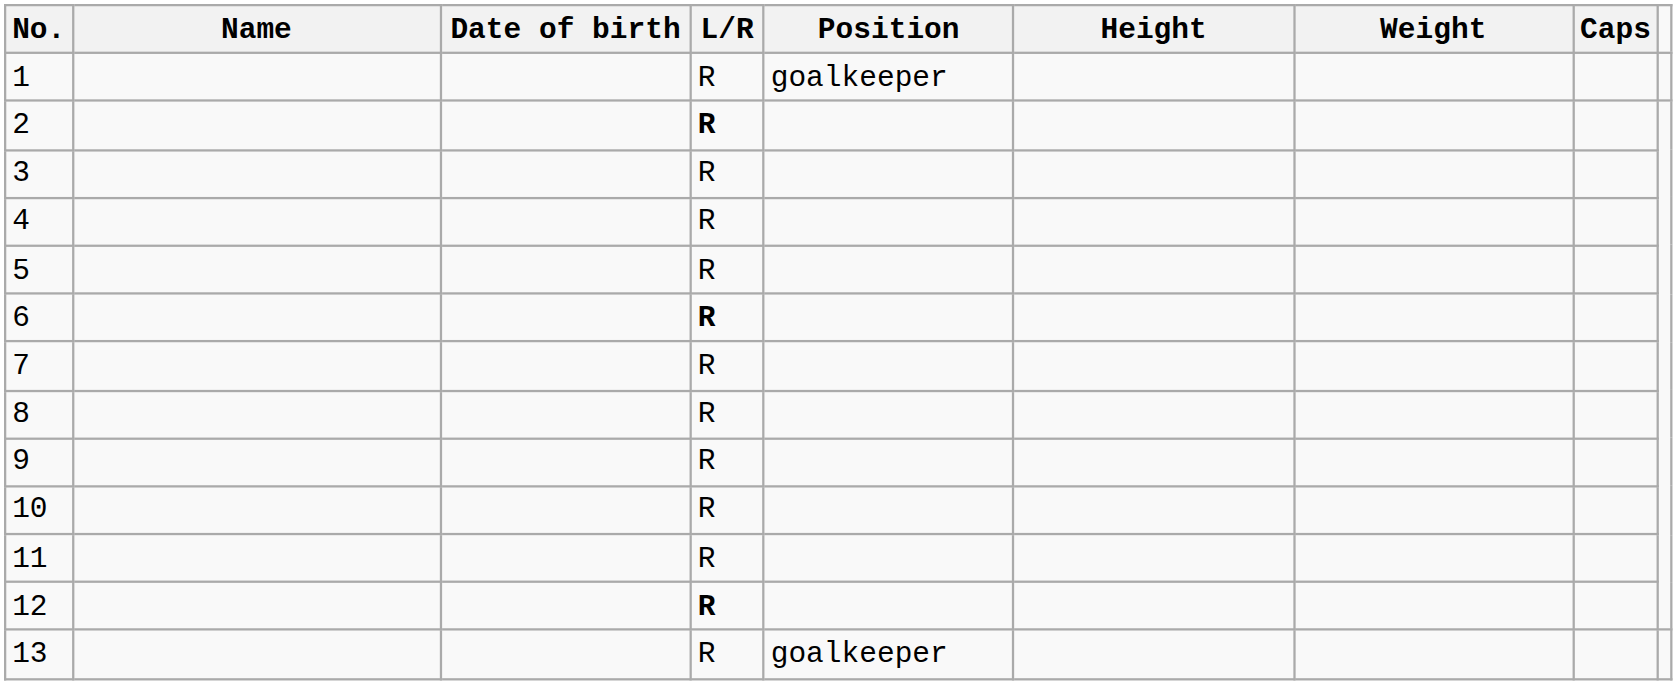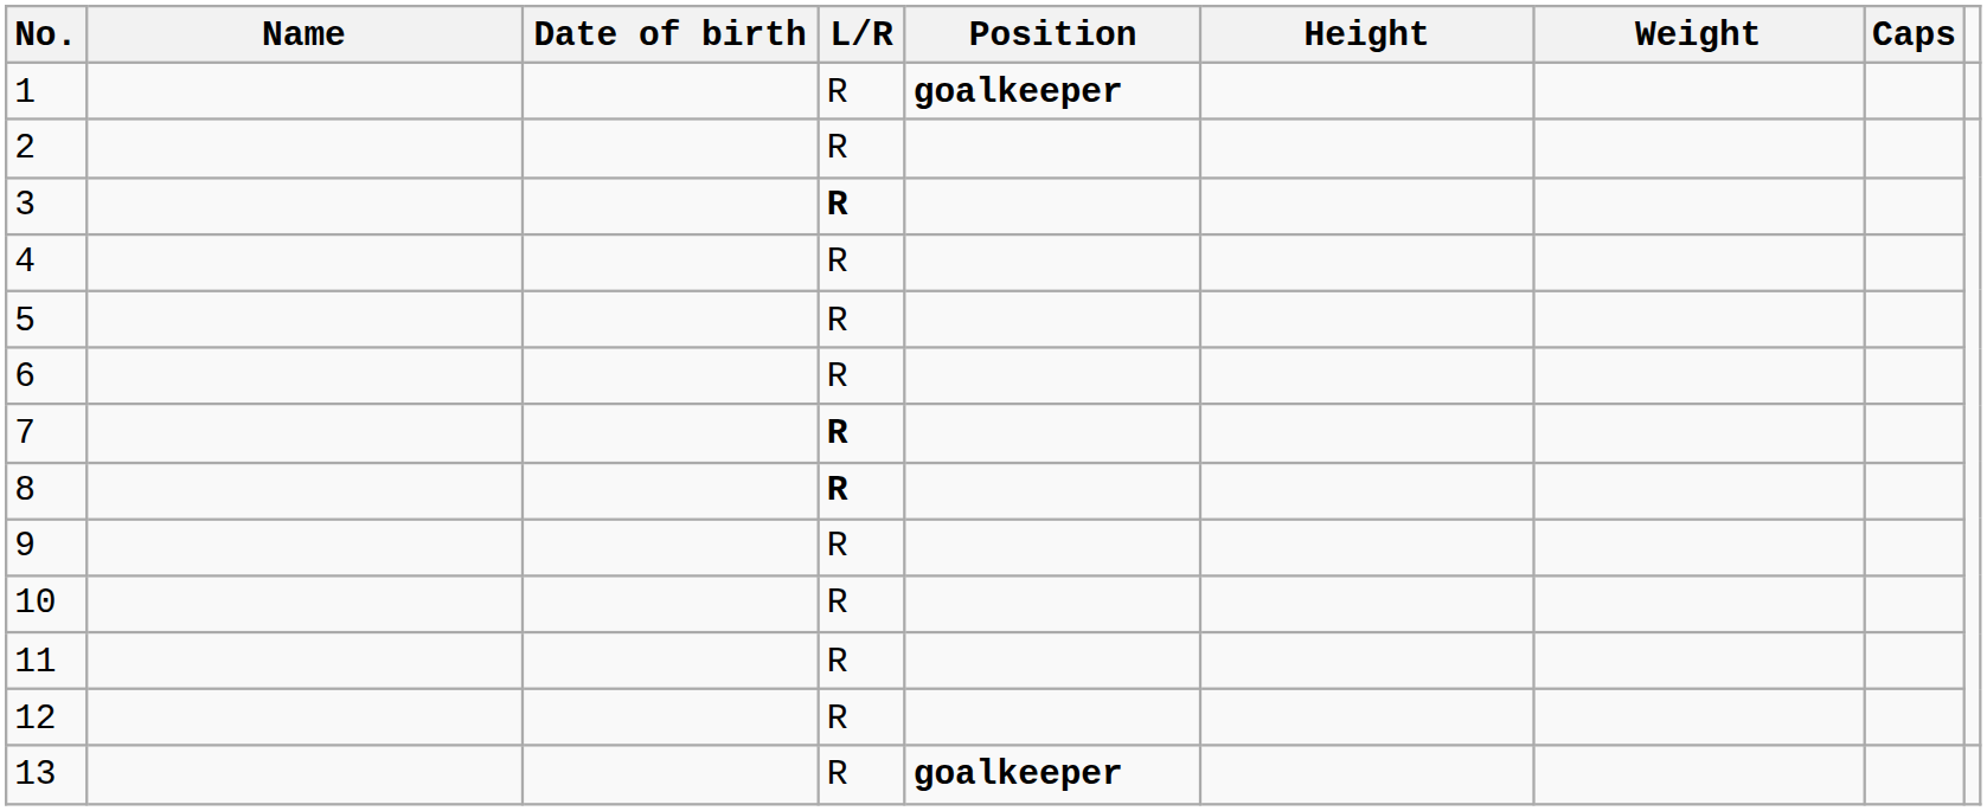 <table class=wikitable sortable style=font-size:100%; text-align:center;>
 <tr>
 <th>No.</th>
 <th style=width:12em>Name</th>
 <th style=width:8em>Date of birth</th>
 <th style=width:2em>L/R</th>
 <th style=width:8em>Position</th>
 <th style=width:9em>Height</th>
 <th style=width:9em>Weight</th>
 <th>Caps</th>
 </tr>
 <tr>
 <td>1</td>
 <td align=left></td>
 <td></td>
 <td>R</td>
-<td>goalkeeper</td>
+<td><strong>goalkeeper</strong></td>
 <td></td>
 <td></td>
 <td></td>
 <td></td>
 </tr>
 <tr>
 <td>2</td>
 <td align=left></td>
 <td></td>
-<td><strong>R</strong></td>
+<td>R</td>
 <td></td>
 <td></td>
 <td></td>
 <td></td>
 </tr>
 <tr>
 <td>3</td>
 <td align=left></td>
 <td></td>
-<td>R</td>
+<td><strong>R</strong></td>
 <td></td>
 <td></td>
 <td></td>
 <td></td>
 </tr>
 <tr>
 <td>4</td>
 <td align=left></td>
 <td></td>
 <td>R</td>
 <td></td>
 <td></td>
 <td></td>
 <td></td>
 </tr>
 <tr>
 <td>5</td>
 <td align=left></td>
 <td></td>
 <td>R</td>
 <td></td>
 <td></td>
 <td></td>
 <td></td>
 </tr>
 <tr>
 <td>6</td>
 <td align=left></td>
 <td></td>
-<td><strong>R</strong></td>
+<td>R</td>
 <td></td>
 <td></td>
 <td></td>
 <td></td>
 </tr>
 <tr>
 <td>7</td>
 <td align=left></td>
 <td></td>
-<td>R</td>
+<td><strong>R</strong></td>
 <td></td>
 <td></td>
 <td></td>
 <td></td>
 </tr>
 <tr>
 <td>8</td>
 <td align=left></td>
 <td></td>
-<td>R</td>
+<td><strong>R</strong></td>
 <td></td>
 <td></td>
 <td></td>
 <td></td>
 </tr>
 <tr>
 <td>9</td>
 <td align=left></td>
 <td></td>
 <td>R</td>
 <td></td>
 <td></td>
 <td></td>
 <td></td>
 </tr>
 <tr>
 <td>10</td>
 <td align=left></td>
 <td></td>
 <td>R</td>
 <td></td>
 <td></td>
 <td></td>
 <td></td>
 </tr>
 <tr>
 <td>11</td>
 <td align=left></td>
 <td></td>
 <td>R</td>
 <td></td>
 <td></td>
 <td></td>
 <td></td>
 </tr>
 <tr>
 <td>12</td>
 <td align=left></td>
 <td></td>
-<td><strong>R</strong></td>
+<td>R</td>
 <td></td>
 <td></td>
 <td></td>
 <td></td>
 </tr>
 <tr>
 <td>13</td>
 <td align=left></td>
 <td></td>
 <td>R</td>
-<td>goalkeeper</td>
+<td><strong>goalkeeper</strong></td>
 <td></td>
 <td></td>
 <td></td>
 <td></td>
 </tr>
 </table>
